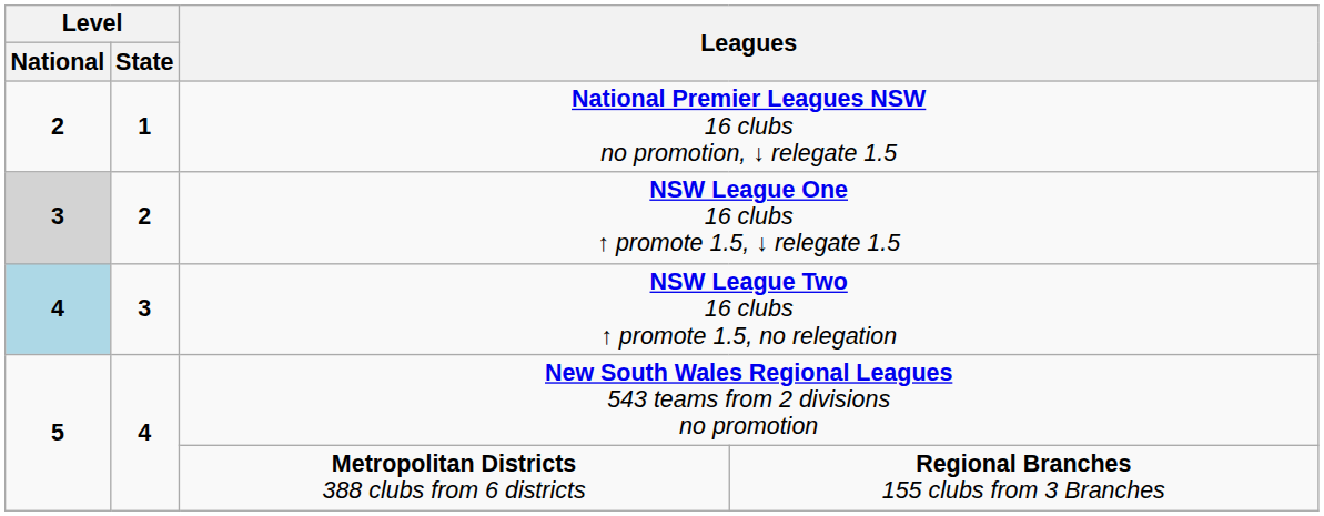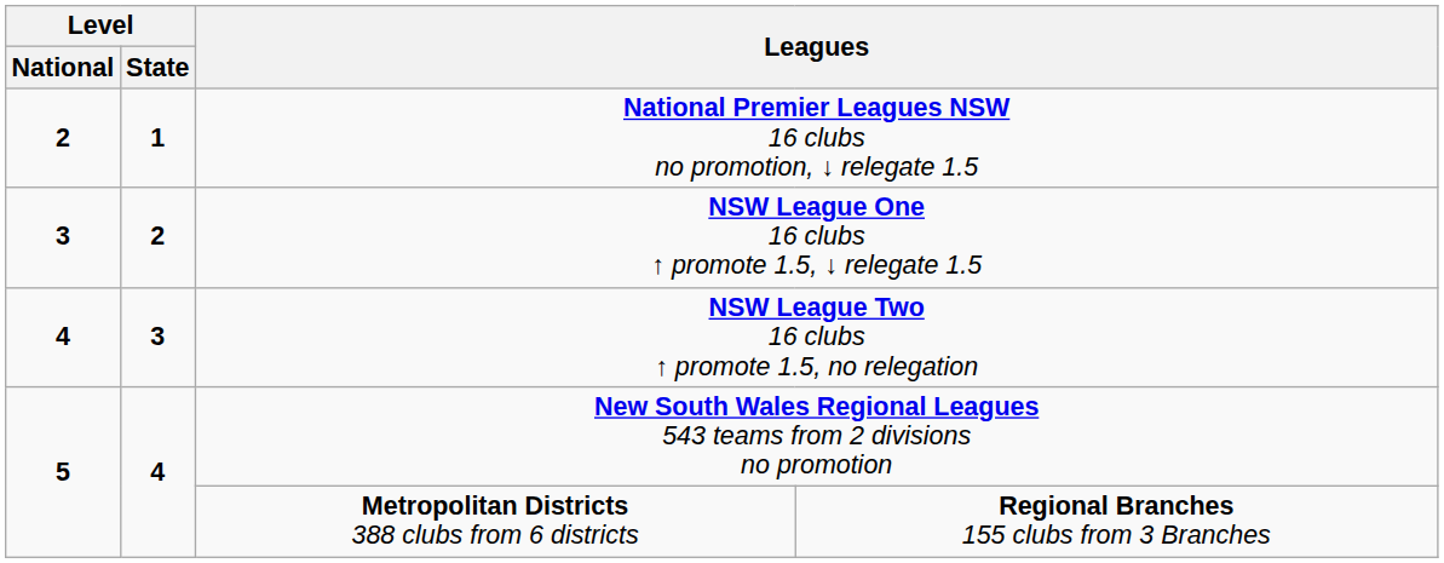 <table class="wikitable" style="text-align:center; width:100%;">
 <tr>
 <th colspan=2>Level</th>
 <th colspan=2 rowspan=2>Leagues</th>
 </tr>
 <tr>
 <th width=5%>National</th>
 <th width=5%>State</th>
 </tr>
 <tr>
 <td><strong>2</strong></td>
 <td><strong>1</strong></td>
 <td colspan=2><strong><a href='#'>National Premier Leagues NSW</a></strong><br><em>16 clubs</em><br><em>no promotion, ↓ relegate 1.5</em></td>
 </tr>
 <tr>
-<td style="background: lightgrey;"><strong>3</strong></td>
+<td><strong>3</strong></td>
 <td><strong>2</strong></td>
 <td colspan=2><strong><a href='#'>NSW League One</a></strong><br><em>16 clubs</em><br><em>↑ promote 1.5, ↓ relegate 1.5</em></td>
 </tr>
 <tr>
-<td style="background: lightblue;"><strong>4</strong></td>
+<td><strong>4</strong></td>
 <td><strong>3</strong></td>
 <td colspan=2><strong><a href='#'>NSW League Two</a></strong><br><em>16 clubs</em><br><em>↑ promote 1.5, no relegation</em></td>
 </tr>
 <tr>
 <td rowspan=4><strong>5</strong></td>
 <td rowspan=4><strong>4</strong></td>
 <td colspan=2><strong><a href='#'>New South Wales Regional Leagues</a></strong><br><em>543 teams from 2 divisions</em><br><em>no promotion</em></td>
 </tr>
 <tr>
 <td colspan=1><strong>Metropolitan Districts</strong><br><em>388 clubs from 6 districts</em></td>
 <td colspan=1><strong>Regional Branches</strong><br><em>155 clubs from 3 Branches</em></td>
 </tr>
 </table>
